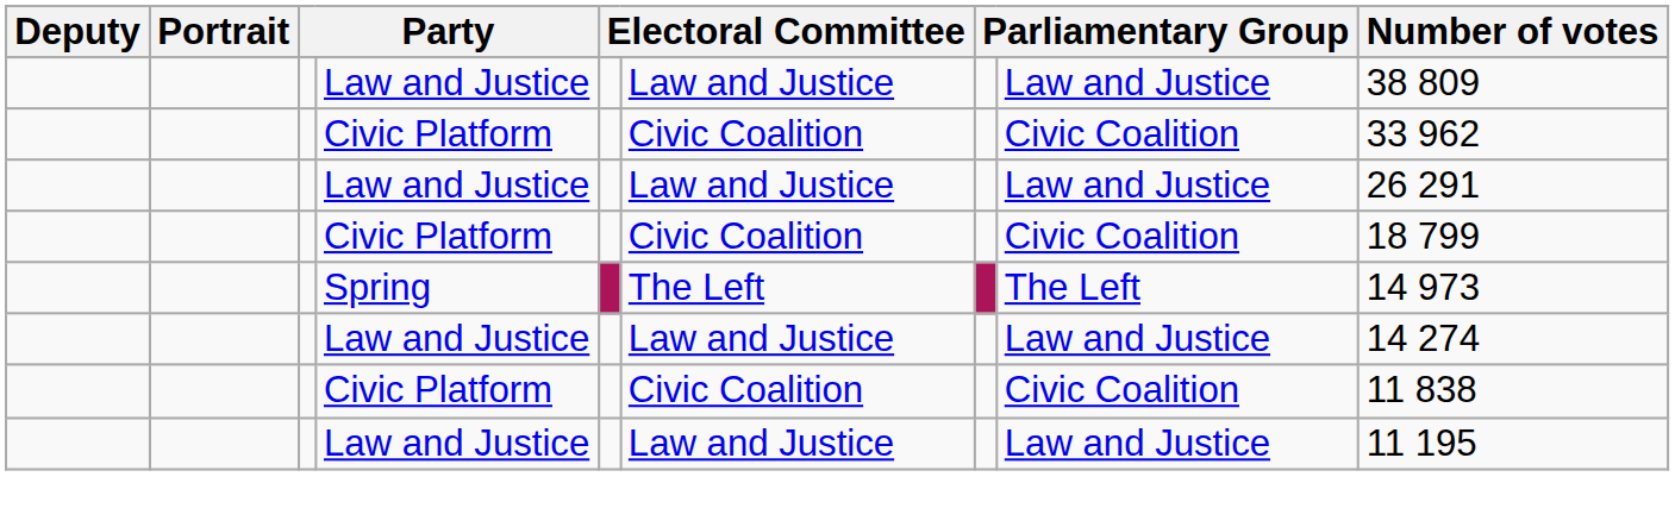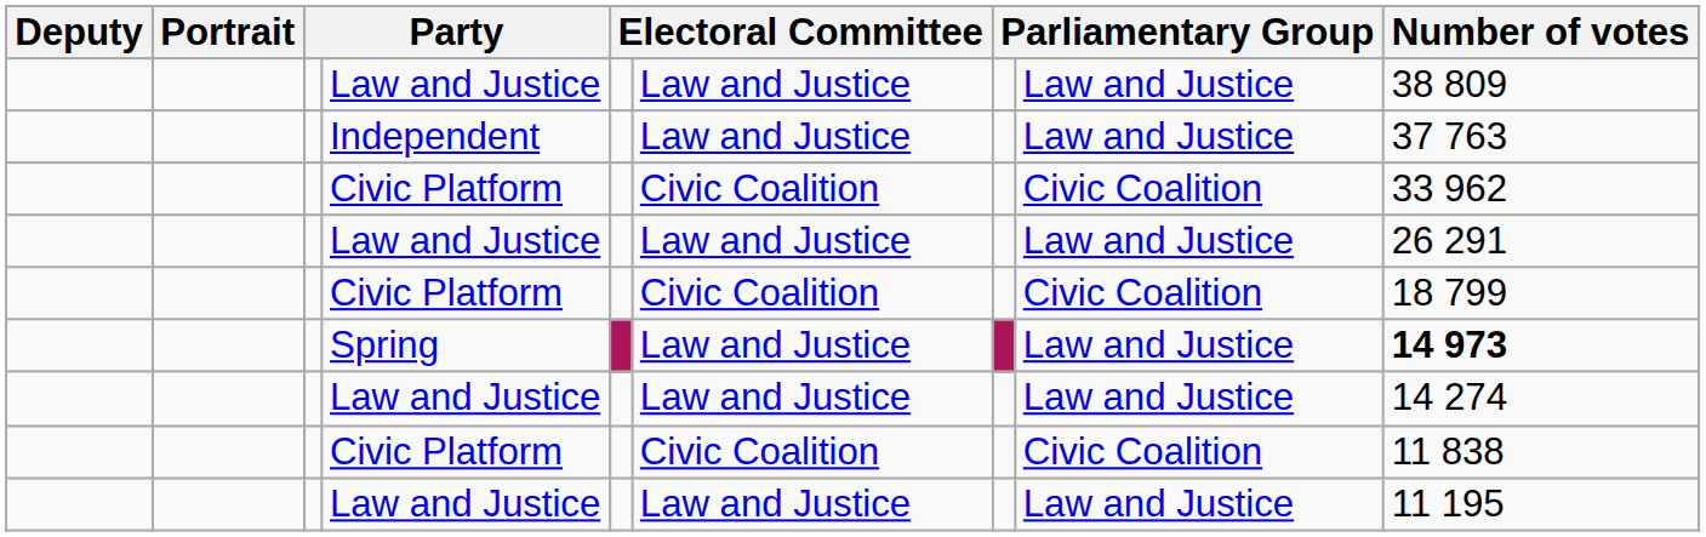 <table class="wikitable sortable" style="font-size:95%;line-height:14px;">
 <tr>
 <th>Deputy</th>
 <th>Portrait</th>
 <th colspan="2">Party</th>
 <th colspan="2">Electoral Committee</th>
 <th colspan="2">Parliamentary Group</th>
 <th>Number of votes</th>
 </tr>
 <tr>
 <td></td>
 <td></td>
 <td style="background:"></td>
 <td><a href='#'>Law and Justice</a></td>
 <td style="background:"></td>
 <td><a href='#'>Law and Justice</a></td>
 <td style="background:"></td>
 <td><a href='#'>Law and Justice</a></td>
 <td>38 809</td>
+</tr>
+<tr>
+<td></td>
+<td></td>
+<td style="background:"></td>
+<td><a href='#'>Independent</a></td>
+<td style="background:"></td>
+<td><a href='#'>Law and Justice</a></td>
+<td style="background:"></td>
+<td><a href='#'>Law and Justice</a></td>
+<td>37 763</td>
 </tr>
 <tr>
 <td></td>
 <td></td>
 <td style="background:"></td>
 <td><a href='#'>Civic Platform</a></td>
 <td style="background:"></td>
 <td><a href='#'>Civic Coalition</a></td>
 <td style="background:"></td>
 <td><a href='#'>Civic Coalition</a></td>
 <td>33 962</td>
 </tr>
 <tr>
 <td></td>
 <td></td>
 <td style="background:"></td>
 <td><a href='#'>Law and Justice</a></td>
 <td style="background:"></td>
 <td><a href='#'>Law and Justice</a></td>
 <td style="background:"></td>
 <td><a href='#'>Law and Justice</a></td>
 <td>26 291</td>
 </tr>
 <tr>
 <td></td>
 <td></td>
 <td style="background:"></td>
 <td><a href='#'>Civic Platform</a></td>
 <td style="background:"></td>
 <td><a href='#'>Civic Coalition</a></td>
 <td style="background:"></td>
 <td><a href='#'>Civic Coalition</a></td>
 <td>18 799</td>
 </tr>
 <tr>
 <td></td>
 <td></td>
 <td style="background:"></td>
 <td><a href='#'>Spring</a></td>
 <td style="background:#AC145A;"></td>
-<td><a href='#'>The Left</a></td>
+<td><a href='#'>Law and Justice</a></td>
 <td style="background:#AC145A;"></td>
-<td><a href='#'>The Left</a></td>
-<td>14 973</td>
+<td><a href='#'>Law and Justice</a></td>
+<td><strong>14 973</strong></td>
 </tr>
 <tr>
 <td></td>
 <td></td>
 <td style="background:"></td>
 <td><a href='#'>Law and Justice</a></td>
 <td style="background:"></td>
 <td><a href='#'>Law and Justice</a></td>
 <td style="background:"></td>
 <td><a href='#'>Law and Justice</a></td>
 <td>14 274</td>
 </tr>
 <tr>
 <td></td>
 <td></td>
 <td style="background:"></td>
 <td><a href='#'>Civic Platform</a></td>
 <td style="background:"></td>
 <td><a href='#'>Civic Coalition</a></td>
 <td style="background:"></td>
 <td><a href='#'>Civic Coalition</a></td>
 <td>11 838</td>
 </tr>
 <tr>
 <td></td>
 <td></td>
 <td style="background:"></td>
 <td><a href='#'>Law and Justice</a></td>
 <td style="background:"></td>
 <td><a href='#'>Law and Justice</a></td>
 <td style="background:"></td>
 <td><a href='#'>Law and Justice</a></td>
 <td>11 195</td>
 </tr>
 </table>
